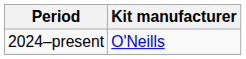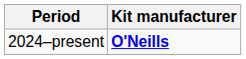 <table class="wikitable">
 <tr>
 <th>Period</th>
 <th>Kit manufacturer</th>
 </tr>
 <tr>
 <td>2024–present</td>
-<td><a href='#'>O'Neills</a></td>
+<td><strong><a href='#'>O'Neills</a></strong></td>
 </tr>
 <tr>
 </tr>
 </table>
